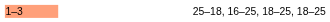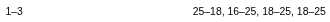 <table>
 <tr>
 <th width=200></th>
 <th width=80></th>
 <th width=200></th>
 <th width=220></th>
 </tr>
 <tr>
 <td align=right></td>
-<td style="background: lightsalmon;">1–3</td>
+<td>1–3</td>
 <td><strong></strong></td>
 <td>25–18, 16–25, 18–25, 18–25</td>
 </tr>
 </table>
